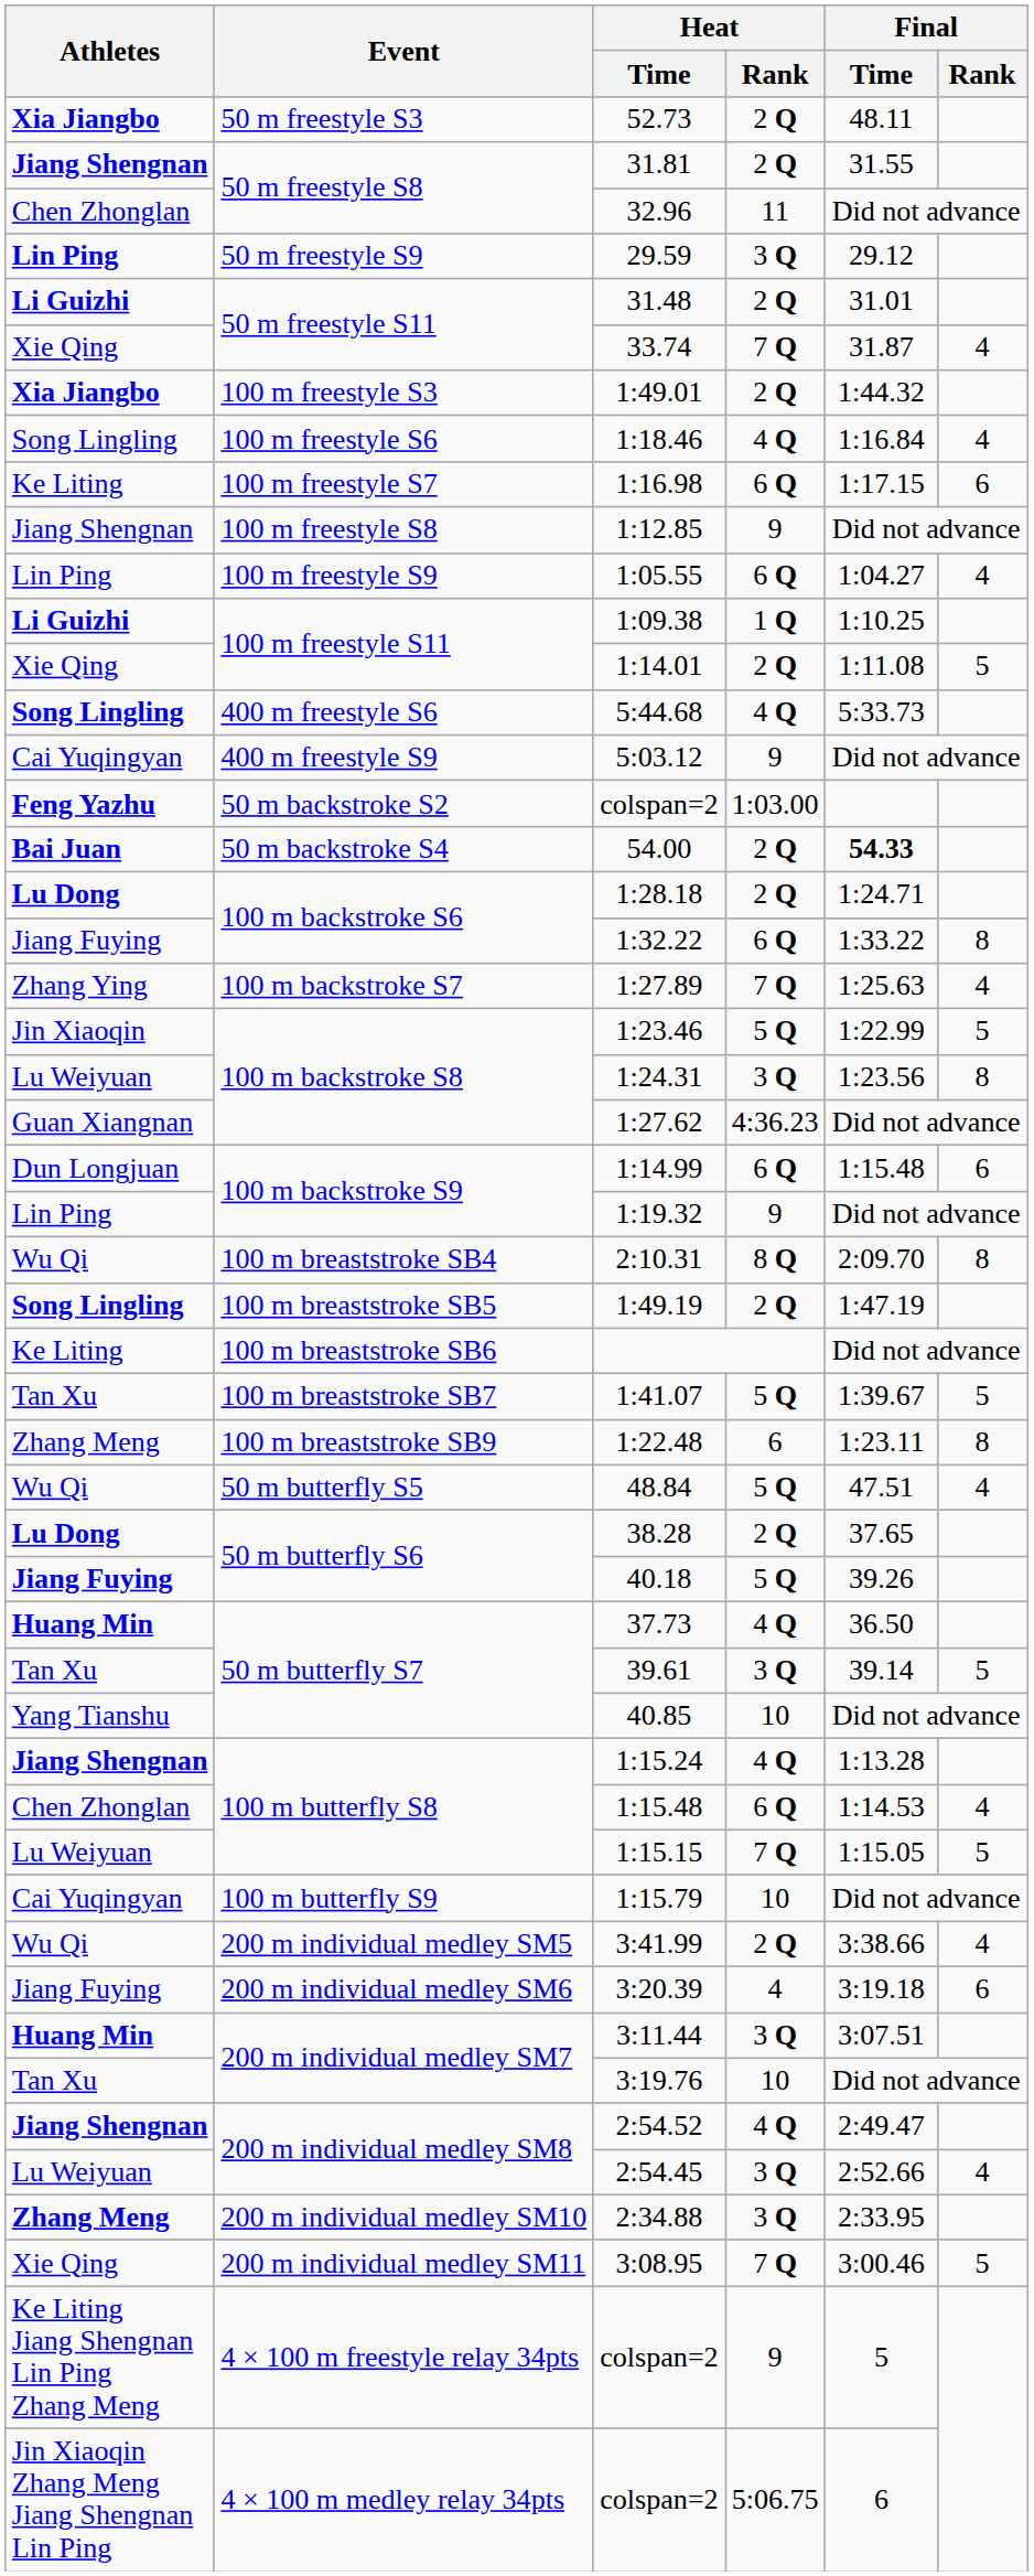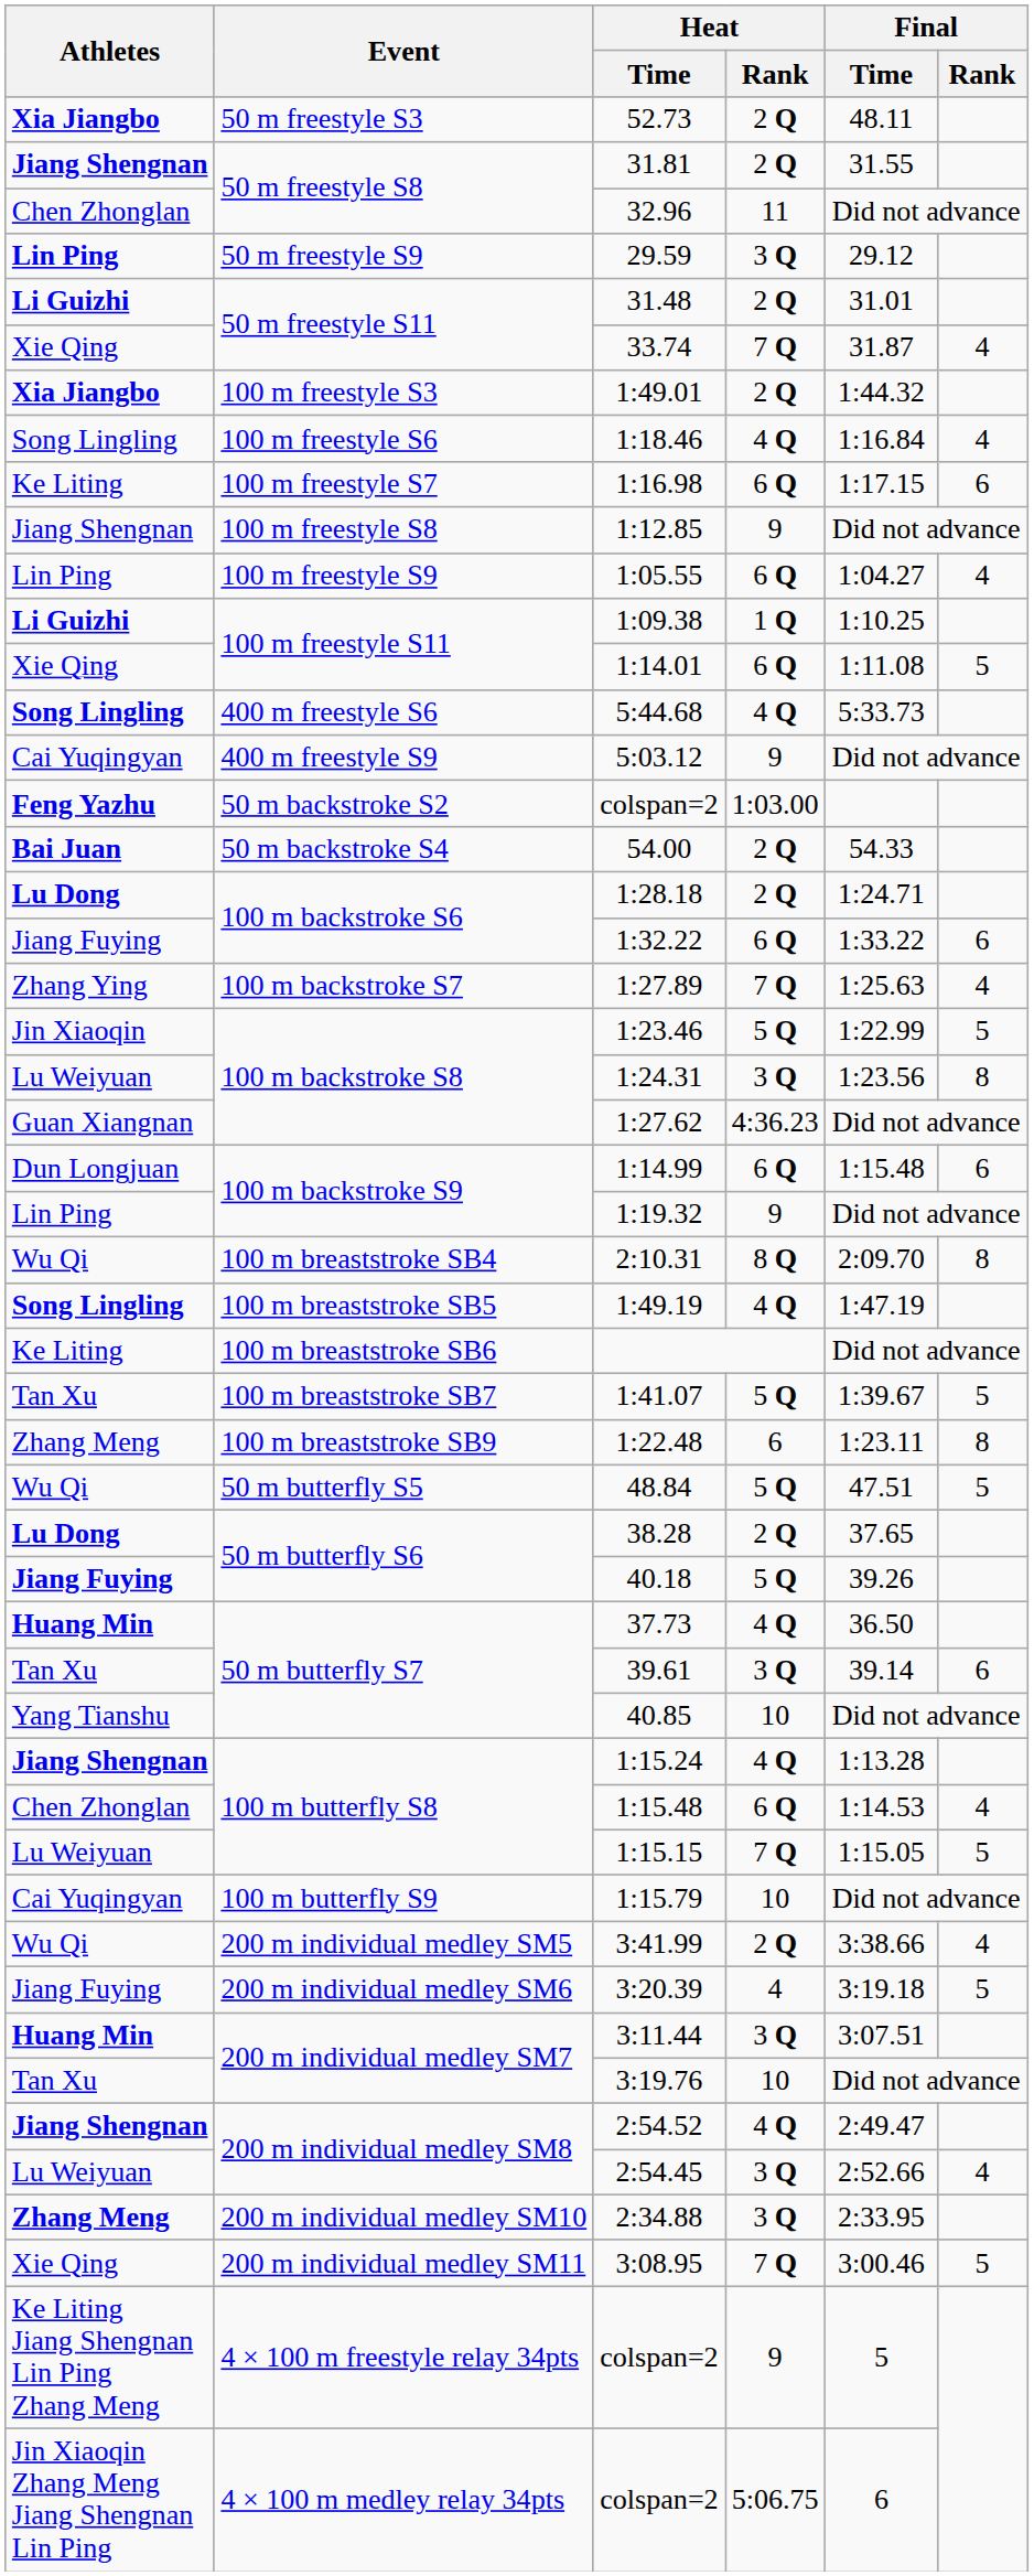 <table class=wikitable>
 <tr>
 <th rowspan="2">Athletes</th>
 <th rowspan="2">Event</th>
 <th colspan="2">Heat</th>
 <th colspan="2">Final</th>
 </tr>
 <tr>
 <th>Time</th>
 <th>Rank</th>
 <th>Time</th>
 <th>Rank</th>
 </tr>
 <tr align=center>
 <td align=left><strong><a href='#'>Xia Jiangbo</a></strong></td>
 <td align=left><a href='#'>50 m freestyle S3</a></td>
 <td>52.73</td>
 <td>2 <strong>Q</strong></td>
 <td>48.11 </td>
 <td></td>
 </tr>
 <tr align=center>
 <td align=left><strong><a href='#'>Jiang Shengnan</a></strong></td>
 <td align=left rowspan=2><a href='#'>50 m freestyle S8</a></td>
 <td>31.81</td>
 <td>2 <strong>Q</strong></td>
 <td>31.55</td>
 <td></td>
 </tr>
 <tr align=center>
 <td align=left><a href='#'>Chen Zhonglan</a></td>
 <td>32.96</td>
 <td>11</td>
 <td colspan=2>Did not advance</td>
 </tr>
 <tr align=center>
 <td align=left><strong><a href='#'>Lin Ping</a></strong></td>
 <td align=left><a href='#'>50 m freestyle S9</a></td>
 <td>29.59 </td>
 <td>3 <strong>Q</strong></td>
 <td>29.12 </td>
 <td></td>
 </tr>
 <tr align=center>
 <td align=left><strong><a href='#'>Li Guizhi</a></strong></td>
 <td align=left rowspan=2><a href='#'>50 m freestyle S11</a></td>
 <td>31.48</td>
 <td>2 <strong>Q</strong></td>
 <td>31.01 </td>
 <td></td>
 </tr>
 <tr align=center>
 <td align=left><a href='#'>Xie Qing</a></td>
 <td>33.74</td>
 <td>7 <strong>Q</strong></td>
 <td>31.87</td>
 <td>4</td>
 </tr>
 <tr align=center>
 <td align=left><strong><a href='#'>Xia Jiangbo</a></strong></td>
 <td align=left><a href='#'>100 m freestyle S3</a></td>
 <td>1:49.01 </td>
 <td>2 <strong>Q</strong></td>
 <td>1:44.32 </td>
 <td></td>
 </tr>
 <tr align=center>
 <td align=left><a href='#'>Song Lingling</a></td>
 <td align=left><a href='#'>100 m freestyle S6</a></td>
 <td>1:18.46</td>
 <td>4 <strong>Q</strong></td>
 <td>1:16.84 </td>
 <td>4</td>
 </tr>
 <tr align=center>
 <td align=left><a href='#'>Ke Liting</a></td>
 <td align=left><a href='#'>100 m freestyle S7</a></td>
 <td>1:16.98 </td>
 <td>6 <strong>Q</strong></td>
 <td>1:17.15</td>
 <td>6</td>
 </tr>
 <tr align=center>
 <td align=left><a href='#'>Jiang Shengnan</a></td>
 <td align=left><a href='#'>100 m freestyle S8</a></td>
 <td>1:12.85 </td>
 <td>9</td>
 <td colspan=2>Did not advance</td>
 </tr>
 <tr align=center>
 <td align=left><a href='#'>Lin Ping</a></td>
 <td align=left><a href='#'>100 m freestyle S9</a></td>
 <td>1:05.55 </td>
 <td>6 <strong>Q</strong></td>
 <td>1:04.27 </td>
 <td>4</td>
 </tr>
 <tr align=center>
 <td align=left><strong><a href='#'>Li Guizhi</a></strong></td>
 <td align=left rowspan=2><a href='#'>100 m freestyle S11</a></td>
 <td>1:09.38</td>
 <td>1 <strong>Q</strong></td>
 <td>1:10.25</td>
 <td></td>
 </tr>
 <tr align=center>
 <td align=left><a href='#'>Xie Qing</a></td>
 <td>1:14.01</td>
-<td>2 <strong>Q</strong></td>
+<td>6 <strong>Q</strong></td>
 <td>1:11.08</td>
 <td>5</td>
 </tr>
 <tr align=center>
 <td align=left><strong><a href='#'>Song Lingling</a></strong></td>
 <td align=left><a href='#'>400 m freestyle S6</a></td>
 <td>5:44.68 </td>
 <td>4 <strong>Q</strong></td>
 <td>5:33.73 </td>
 <td></td>
 </tr>
 <tr align=center>
 <td align=left><a href='#'>Cai Yuqingyan</a></td>
 <td align=left><a href='#'>400 m freestyle S9</a></td>
 <td>5:03.12</td>
 <td>9</td>
 <td colspan=2>Did not advance</td>
 </tr>
 <tr align=center>
 <td align=left><strong><a href='#'>Feng Yazhu</a></strong></td>
 <td align=left><a href='#'>50 m backstroke S2</a></td>
 <td>colspan=2 </td>
 <td>1:03.00 </td>
 <td></td>
 </tr>
 <tr align=center>
 <td align=left><strong><a href='#'>Bai Juan</a></strong></td>
 <td align=left><a href='#'>50 m backstroke S4</a></td>
 <td>54.00 </td>
 <td>2 <strong>Q</strong></td>
-<td><strong>54.33</strong></td>
+<td>54.33</td>
 <td></td>
 </tr>
 <tr align=center>
 <td align=left><strong><a href='#'>Lu Dong</a></strong></td>
 <td align=left rowspan=2><a href='#'>100 m backstroke S6</a></td>
 <td>1:28.18 </td>
 <td>2 <strong>Q</strong></td>
 <td>1:24.71 </td>
 <td></td>
 </tr>
 <tr align=center>
 <td align=left><a href='#'>Jiang Fuying</a></td>
 <td>1:32.22</td>
 <td>6 <strong>Q</strong></td>
 <td>1:33.22</td>
-<td>8</td>
+<td>6</td>
 </tr>
 <tr align=center>
 <td align=left><a href='#'>Zhang Ying</a></td>
 <td align=left><a href='#'>100 m backstroke S7</a></td>
 <td>1:27.89 </td>
 <td>7 <strong>Q</strong></td>
 <td>1:25.63 </td>
 <td>4</td>
 </tr>
 <tr align=center>
 <td align=left><a href='#'>Jin Xiaoqin</a></td>
 <td align=left rowspan=3><a href='#'>100 m backstroke S8</a></td>
 <td>1:23.46</td>
 <td>5 <strong>Q</strong></td>
 <td>1:22.99</td>
 <td>5</td>
 </tr>
 <tr align=center>
 <td align=left><a href='#'>Lu Weiyuan</a></td>
 <td>1:24.31</td>
 <td>3 <strong>Q</strong></td>
 <td>1:23.56</td>
 <td>8</td>
 </tr>
 <tr align=center>
 <td align=left><a href='#'>Guan Xiangnan</a></td>
 <td>1:27.62</td>
 <td>4:36.23 </td>
 <td colspan=2>Did not advance</td>
 </tr>
 <tr align=center>
 <td align=left><a href='#'>Dun Longjuan</a></td>
 <td align=left rowspan=2><a href='#'>100 m backstroke S9</a></td>
 <td>1:14.99 </td>
 <td>6 <strong>Q</strong></td>
 <td>1:15.48</td>
 <td>6</td>
 </tr>
 <tr align=center>
 <td align=left><a href='#'>Lin Ping</a></td>
 <td>1:19.32</td>
 <td>9</td>
 <td colspan=2>Did not advance</td>
 </tr>
 <tr align=center>
 <td align=left><a href='#'>Wu Qi</a></td>
 <td align=left><a href='#'>100 m breaststroke SB4</a></td>
 <td>2:10.31</td>
 <td>8 <strong>Q</strong></td>
 <td>2:09.70</td>
 <td>8</td>
 </tr>
 <tr align=center>
 <td align=left><strong><a href='#'>Song Lingling</a></strong></td>
 <td align=left><a href='#'>100 m breaststroke SB5</a></td>
 <td>1:49.19 </td>
-<td>2 <strong>Q</strong></td>
+<td>4 <strong>Q</strong></td>
 <td>1:47.19 </td>
 <td></td>
 </tr>
 <tr align=center>
 <td align=left><a href='#'>Ke Liting</a></td>
 <td align=left><a href='#'>100 m breaststroke SB6</a></td>
 <td colspan=2></td>
 <td colspan=2>Did not advance</td>
 </tr>
 <tr align=center>
 <td align=left><a href='#'>Tan Xu</a></td>
 <td align=left><a href='#'>100 m breaststroke SB7</a></td>
 <td>1:41.07</td>
 <td>5 <strong>Q</strong></td>
 <td>1:39.67</td>
 <td>5</td>
 </tr>
 <tr align=center>
 <td align=left><a href='#'>Zhang Meng</a></td>
 <td align=left><a href='#'>100 m breaststroke SB9</a></td>
 <td>1:22.48</td>
 <td>6</td>
 <td>1:23.11</td>
 <td>8</td>
 </tr>
 <tr align=center>
 <td align=left><a href='#'>Wu Qi</a></td>
 <td align=left><a href='#'>50 m butterfly S5</a></td>
 <td>48.84</td>
 <td>5 <strong>Q</strong></td>
 <td>47.51 </td>
-<td>4</td>
+<td>5</td>
 </tr>
 <tr align=center>
 <td align=left><strong><a href='#'>Lu Dong</a></strong></td>
 <td align=left rowspan=2><a href='#'>50 m butterfly S6</a></td>
 <td>38.28</td>
 <td>2 <strong>Q</strong></td>
 <td>37.65 </td>
 <td></td>
 </tr>
 <tr align=center>
 <td align=left><strong><a href='#'>Jiang Fuying</a></strong></td>
 <td>40.18</td>
 <td>5 <strong>Q</strong></td>
 <td>39.26</td>
 <td></td>
 </tr>
 <tr align=center>
 <td align=left><strong><a href='#'>Huang Min</a></strong></td>
 <td align=left rowspan=3><a href='#'>50 m butterfly S7</a></td>
 <td>37.73</td>
 <td>4 <strong>Q</strong></td>
 <td>36.50</td>
 <td></td>
 </tr>
 <tr align=center>
 <td align=left><a href='#'>Tan Xu</a></td>
 <td>39.61</td>
 <td>3 <strong>Q</strong></td>
 <td>39.14</td>
-<td>5</td>
+<td>6</td>
 </tr>
 <tr align=center>
 <td align=left><a href='#'>Yang Tianshu</a></td>
 <td>40.85</td>
 <td>10</td>
 <td colspan=2>Did not advance</td>
 </tr>
 <tr align=center>
 <td align=left><strong><a href='#'>Jiang Shengnan</a></strong></td>
 <td align=left rowspan=3><a href='#'>100 m butterfly S8</a></td>
 <td>1:15.24</td>
 <td>4 <strong>Q</strong></td>
 <td>1:13.28</td>
 <td></td>
 </tr>
 <tr align=center>
 <td align=left><a href='#'>Chen Zhonglan</a></td>
 <td>1:15.48</td>
 <td>6 <strong>Q</strong></td>
 <td>1:14.53</td>
 <td>4</td>
 </tr>
 <tr align=center>
 <td align=left><a href='#'>Lu Weiyuan</a></td>
 <td>1:15.15</td>
 <td>7 <strong>Q</strong></td>
 <td>1:15.05</td>
 <td>5</td>
 </tr>
 <tr align=center>
 <td align=left><a href='#'>Cai Yuqingyan</a></td>
 <td align=left><a href='#'>100 m butterfly S9</a></td>
 <td>1:15.79</td>
 <td>10</td>
 <td colspan=2>Did not advance</td>
 </tr>
 <tr align=center>
 <td align=left><a href='#'>Wu Qi</a></td>
 <td align=left><a href='#'>200 m individual medley SM5</a></td>
 <td>3:41.99 </td>
 <td>2 <strong>Q</strong></td>
 <td>3:38.66 </td>
 <td>4</td>
 </tr>
 <tr align=center>
 <td align=left><a href='#'>Jiang Fuying</a></td>
 <td align=left><a href='#'>200 m individual medley SM6</a></td>
 <td>3:20.39</td>
 <td>4</td>
 <td>3:19.18</td>
-<td>6</td>
+<td>5</td>
 </tr>
 <tr align=center>
 <td align=left><strong><a href='#'>Huang Min</a></strong></td>
 <td align=left rowspan=2><a href='#'>200 m individual medley SM7</a></td>
 <td>3:11.44</td>
 <td>3 <strong>Q</strong></td>
 <td>3:07.51</td>
 <td></td>
 </tr>
 <tr align=center>
 <td align=left><a href='#'>Tan Xu</a></td>
 <td>3:19.76</td>
 <td>10</td>
 <td colspan=2>Did not advance</td>
 </tr>
 <tr align=center>
 <td align=left><strong><a href='#'>Jiang Shengnan</a></strong></td>
 <td align=left rowspan=2><a href='#'>200 m individual medley SM8</a></td>
 <td>2:54.52</td>
 <td>4 <strong>Q</strong></td>
 <td>2:49.47 </td>
 <td></td>
 </tr>
 <tr align=center>
 <td align=left><a href='#'>Lu Weiyuan</a></td>
 <td>2:54.45</td>
 <td>3 <strong>Q</strong></td>
 <td>2:52.66</td>
 <td>4</td>
 </tr>
 <tr align=center>
 <td align=left><strong><a href='#'>Zhang Meng</a></strong></td>
 <td align=left><a href='#'>200 m individual medley SM10</a></td>
 <td>2:34.88 </td>
 <td>3 <strong>Q</strong></td>
 <td>2:33.95 </td>
 <td></td>
 </tr>
 <tr align=center>
 <td align=left><a href='#'>Xie Qing</a></td>
 <td align=left><a href='#'>200 m individual medley SM11</a></td>
 <td>3:08.95</td>
 <td>7 <strong>Q</strong></td>
 <td>3:00.46</td>
 <td>5</td>
 </tr>
 <tr align=center>
 <td align=left><a href='#'>Ke Liting</a><br> <a href='#'>Jiang Shengnan</a><br> <a href='#'>Lin Ping</a><br> <a href='#'>Zhang Meng</a></td>
 <td align=left><a href='#'>4 × 100 m freestyle relay 34pts</a></td>
 <td>colspan=2 </td>
 <td>9</td>
 <td>5</td>
 </tr>
 <tr align=center>
 <td align=left><a href='#'>Jin Xiaoqin</a><br> <a href='#'>Zhang Meng</a><br> <a href='#'>Jiang Shengnan</a><br> <a href='#'>Lin Ping</a></td>
 <td align=left><a href='#'>4 × 100 m medley relay 34pts</a></td>
 <td>colspan=2 </td>
 <td>5:06.75 </td>
 <td>6</td>
 </tr>
 </table>
